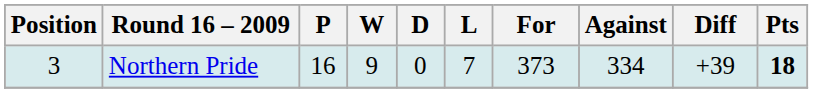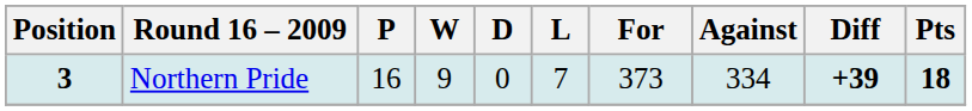 <table class="wikitable" style="text-align:center; font-size:85%;">
 <tr>
 <th width=40 abbr="Position">Position</th>
 <th width=100>Round 16 – 2009</th>
 <th width=20 abbr="Played">P</th>
 <th width=20 abbr="Won">W</th>
 <th width=20 abbr="Drawn">D</th>
 <th width=20 abbr="Lost">L</th>
 <th width=40 abbr="Points for">For</th>
 <th width=40 abbr="Points against">Against</th>
 <th width=40 abbr="Points difference">Diff</th>
 <th width=20 abbr="Points">Pts</th>
 </tr>
 <tr style="background: #d7ebed;">
-<td>3</td>
+<td><strong>3</strong></td>
 <td style="text-align:left;"> <a href='#'>Northern Pride</a></td>
 <td>16</td>
 <td>9</td>
 <td>0</td>
 <td>7</td>
 <td>373</td>
 <td>334</td>
-<td>+39</td>
+<td><strong>+39</strong></td>
 <td><strong>18</strong></td>
 </tr>
 <tr>
 </tr>
 </table>
